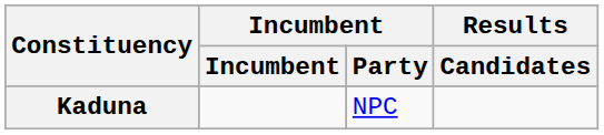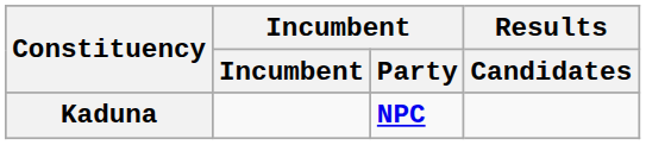 <table class="wikitable sortable">
 <tr>
 <th rowspan="2">Constituency</th>
 <th colspan="2">Incumbent</th>
 <th>Results</th>
 </tr>
 <tr valign="bottom">
 <th>Incumbent</th>
 <th>Party</th>
 <th>Candidates</th>
 </tr>
 <tr>
 <th>Kaduna</th>
 <td></td>
-<td><a href='#'>NPC</a></td>
+<td><strong><a href='#'>NPC</a></strong></td>
 <td nowrap=""></td>
 </tr>
 </table>
